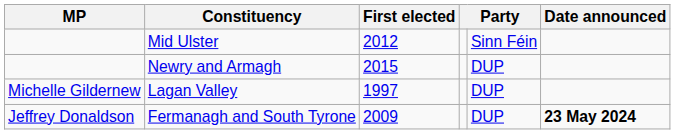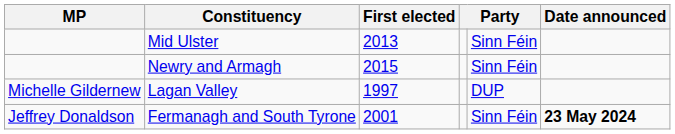 <table class="wikitable sortable">
 <tr>
 <th scope="col">MP</th>
 <th scope="col">Consti­tuency</th>
 <th scope="col">First elected</th>
 <th colspan="2" scope="col">Party</th>
 <th scope="col">Date announced</th>
 </tr>
 <tr>
 <td></td>
 <td><a href='#'>Mid Ulster</a></td>
-<td><a href='#'>2012</a></td>
+<td><a href='#'>2013</a></td>
 <td></td>
 <td><a href='#'>Sinn Féin</a></td>
 <td></td>
 </tr>
 <tr>
 <td></td>
 <td><a href='#'>Newry and Armagh</a></td>
 <td><a href='#'>2015</a></td>
 <td></td>
-<td><a href='#'>DUP</a></td>
+<td><a href='#'>Sinn Féin</a></td>
 <td></td>
 </tr>
 <tr>
 <td><a href='#'>Michelle Gildernew</a></td>
 <td><a href='#'>Lagan Valley</a></td>
 <td><a href='#'>1997</a></td>
 <td width="1"></td>
 <td><a href='#'>DUP</a></td>
 <td></td>
 </tr>
 <tr>
 <td><a href='#'>Jeffrey Donaldson</a></td>
 <td><a href='#'>Fermanagh and South Tyrone</a></td>
-<td><a href='#'>2009</a></td>
+<td><a href='#'>2001</a></td>
 <td width="1"></td>
-<td><a href='#'>DUP</a></td>
+<td><a href='#'>Sinn Féin</a></td>
 <td><strong>23 May 2024</strong></td>
 </tr>
 </table>
